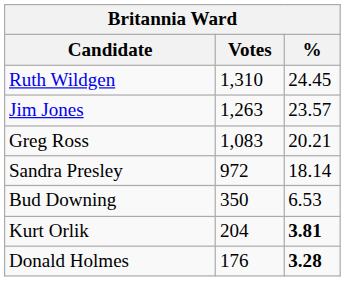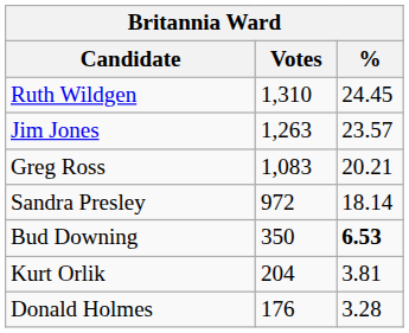 <table class="wikitable">
 <tr>
 <th colspan="3">Britannia Ward</th>
 </tr>
 <tr>
 <th style="width: 170px">Candidate</th>
 <th style="width: 50px">Votes</th>
 <th style="width: 40px">%</th>
 </tr>
 <tr>
 <td><a href='#'>Ruth Wildgen</a></td>
 <td>1,310</td>
 <td>24.45</td>
 </tr>
 <tr>
 <td><a href='#'>Jim Jones</a></td>
 <td>1,263</td>
 <td>23.57</td>
 </tr>
 <tr>
 <td>Greg Ross</td>
 <td>1,083</td>
 <td>20.21</td>
 </tr>
 <tr>
 <td>Sandra Presley</td>
 <td>972</td>
 <td>18.14</td>
 </tr>
 <tr>
 <td>Bud Downing</td>
 <td>350</td>
-<td>6.53</td>
+<td><strong>6.53</strong></td>
 </tr>
 <tr>
 <td>Kurt Orlik</td>
 <td>204</td>
-<td><strong>3.81</strong></td>
+<td>3.81</td>
 </tr>
 <tr>
 <td>Donald Holmes</td>
 <td>176</td>
-<td><strong>3.28</strong></td>
+<td>3.28</td>
 </tr>
 </table>
